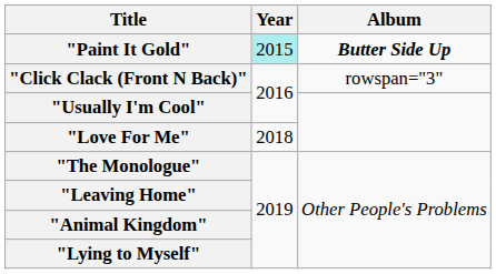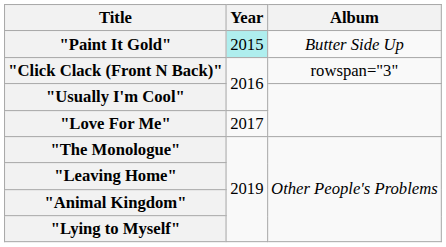 <table class="wikitable plainrowheaders" style="text-align:center;">
 <tr>
 <th>Title</th>
 <th>Year</th>
 <th>Album</th>
 </tr>
 <tr>
 <th scope="row">"Paint It Gold"</th>
 <td style="background: paleturquoise;">2015</td>
-<td><strong><em>Butter Side Up</em></strong></td>
+<td><em>Butter Side Up</em></td>
 </tr>
 <tr>
 <th scope="row">"Click Clack (Front N Back)"</th>
 <td rowspan="2">2016</td>
 <td>rowspan="3" </td>
 </tr>
 <tr>
 <th scope="row">"Usually I'm Cool"</th>
 </tr>
 <tr>
 <th scope="row">"Love For Me"</th>
-<td>2018</td>
+<td>2017</td>
 </tr>
 <tr>
 <th scope="row">"The Monologue"<br></th>
 <td rowspan="4">2019</td>
 <td rowspan="4"><em>Other People's Problems</em></td>
 </tr>
 <tr>
 <th scope="row">"Leaving Home"</th>
 </tr>
 <tr>
 <th scope="row">"Animal Kingdom"</th>
 </tr>
 <tr>
 <th scope="row">"Lying to Myself"<br></th>
 </tr>
 </table>
